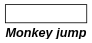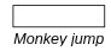 <table style="margin:1em;float: right">
 <tr>
 <td style="border: solid thin; padding: 2px"><br></td>
 </tr>
 <tr>
-<td style="text-align:center"><strong><em>Monkey jump</em></strong></td>
+<td style="text-align:center"><em>Monkey jump</em></td>
 </tr>
 </table>
